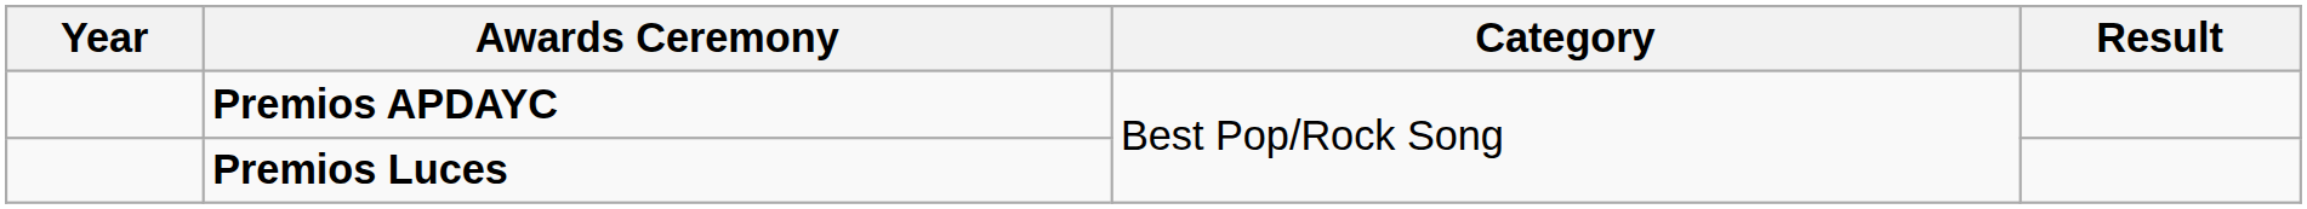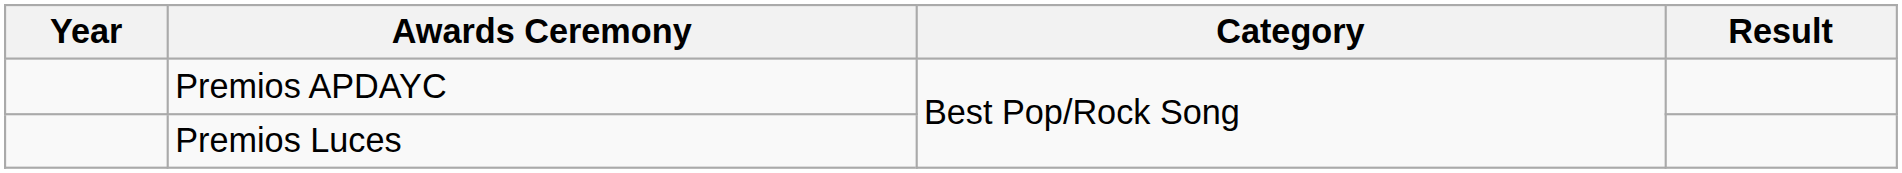 <table class="wikitable plainrowheaders" style="width:70%;">
 <tr>
 <th scope="col" style="width:4%;">Year</th>
 <th scope="col" style="width:20%;">Awards Ceremony</th>
 <th scope="col" style="width:20%;">Category</th>
 <th scope="col" style="width:6%;">Result</th>
 </tr>
 <tr>
 <td></td>
-<td><strong>Premios APDAYC</strong></td>
+<td>Premios APDAYC</td>
 <td rowspan=2>Best Pop/Rock Song</td>
 <td></td>
 </tr>
 <tr>
 <td></td>
-<td><strong>Premios Luces</strong></td>
+<td>Premios Luces</td>
 <td></td>
 </tr>
 </table>
